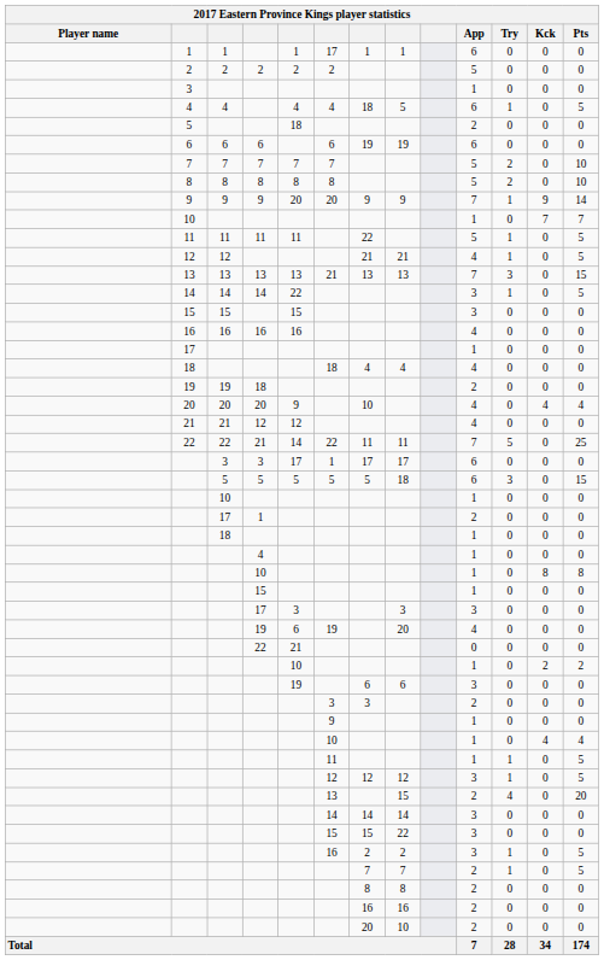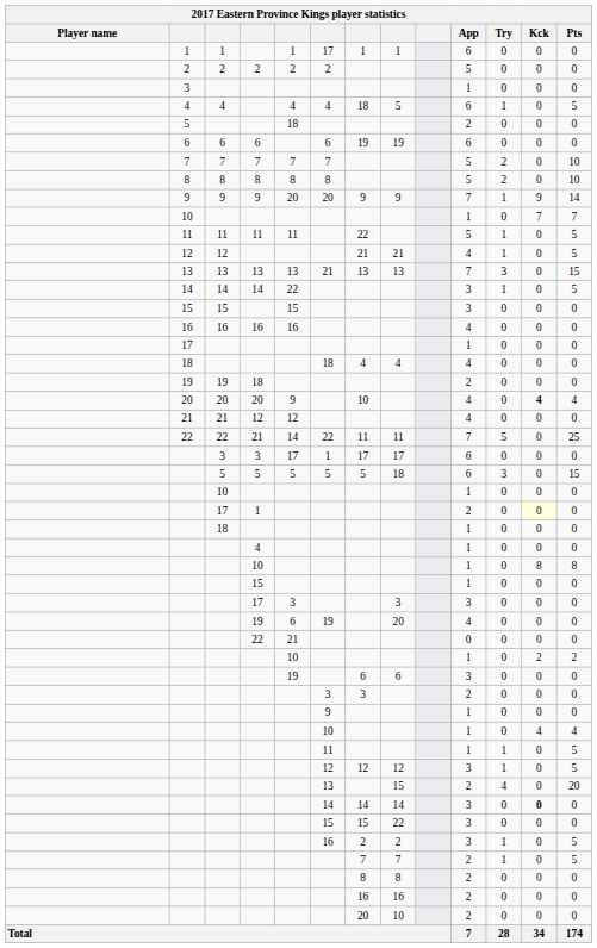 <table class="wikitable sortable" style="text-align:center; font-size:90%; width:60%;">
 <tr>
 <th colspan="100%">2017 Eastern Province Kings player statistics</th>
 </tr>
 <tr>
 <th style="width:28%;">Player name</th>
 <th style="width:6%;"></th>
 <th style="width:6%;"></th>
 <th style="width:6%;"></th>
 <th style="width:6%;"></th>
 <th style="width:6%;"></th>
 <th style="width:6%;"></th>
 <th style="width:6%;"></th>
 <th style="width:6%;"></th>
 <th style="width:6%;">App</th>
 <th style="width:6%;">Try</th>
 <th style="width:6%;">Kck</th>
 <th style="width:6%;">Pts</th>
 </tr>
 <tr>
 <td style="text-align:left;"></td>
 <td>1</td>
 <td>1</td>
 <td></td>
 <td>1</td>
 <td>17 </td>
 <td>1</td>
 <td>1</td>
 <td style="background:#EBECF0;"></td>
 <td>6</td>
 <td>0</td>
 <td>0</td>
 <td>0</td>
 </tr>
 <tr>
 <td style="text-align:left;"></td>
 <td>2</td>
 <td>2</td>
 <td>2</td>
 <td>2</td>
 <td>2</td>
 <td></td>
 <td></td>
 <td style="background:#EBECF0;"></td>
 <td>5</td>
 <td>0</td>
 <td>0</td>
 <td>0</td>
 </tr>
 <tr>
 <td style="text-align:left;"></td>
 <td>3</td>
 <td></td>
 <td></td>
 <td></td>
 <td></td>
 <td></td>
 <td></td>
 <td style="background:#EBECF0;"></td>
 <td>1</td>
 <td>0</td>
 <td>0</td>
 <td>0</td>
 </tr>
 <tr>
 <td style="text-align:left;"></td>
 <td>4</td>
 <td>4</td>
 <td></td>
 <td>4</td>
 <td>4</td>
 <td>18 </td>
 <td>5</td>
 <td style="background:#EBECF0;"></td>
 <td>6</td>
 <td>1</td>
 <td>0</td>
 <td>5</td>
 </tr>
 <tr>
 <td style="text-align:left;"></td>
 <td>5</td>
 <td></td>
 <td></td>
 <td>18 </td>
 <td></td>
 <td></td>
 <td></td>
 <td style="background:#EBECF0;"></td>
 <td>2</td>
 <td>0</td>
 <td>0</td>
 <td>0</td>
 </tr>
 <tr>
 <td style="text-align:left;"></td>
 <td>6</td>
 <td>6</td>
 <td>6</td>
 <td></td>
 <td>6</td>
 <td>19 </td>
 <td>19 </td>
 <td style="background:#EBECF0;"></td>
 <td>6</td>
 <td>0</td>
 <td>0</td>
 <td>0</td>
 </tr>
 <tr>
 <td style="text-align:left;"></td>
 <td>7</td>
 <td>7</td>
 <td>7</td>
 <td>7</td>
 <td>7</td>
 <td></td>
 <td></td>
 <td style="background:#EBECF0;"></td>
 <td>5</td>
 <td>2</td>
 <td>0</td>
 <td>10</td>
 </tr>
 <tr>
 <td style="text-align:left;"></td>
 <td>8</td>
 <td>8</td>
 <td>8</td>
 <td>8</td>
 <td>8</td>
 <td></td>
 <td></td>
 <td style="background:#EBECF0;"></td>
 <td>5</td>
 <td>2</td>
 <td>0</td>
 <td>10</td>
 </tr>
 <tr>
 <td style="text-align:left;"></td>
 <td>9</td>
 <td>9</td>
 <td>9</td>
 <td>20 </td>
 <td>20 </td>
 <td>9</td>
 <td>9</td>
 <td style="background:#EBECF0;"></td>
 <td>7</td>
 <td>1</td>
 <td>9</td>
 <td>14</td>
 </tr>
 <tr>
 <td style="text-align:left;"></td>
 <td>10</td>
 <td></td>
 <td></td>
 <td></td>
 <td></td>
 <td></td>
 <td></td>
 <td style="background:#EBECF0;"></td>
 <td>1</td>
 <td>0</td>
 <td>7</td>
 <td>7</td>
 </tr>
 <tr>
 <td style="text-align:left;"></td>
 <td>11</td>
 <td>11</td>
 <td>11</td>
 <td>11</td>
 <td></td>
 <td>22 </td>
 <td></td>
 <td style="background:#EBECF0;"></td>
 <td>5</td>
 <td>1</td>
 <td>0</td>
 <td>5</td>
 </tr>
 <tr>
 <td style="text-align:left;"></td>
 <td>12</td>
 <td>12</td>
 <td></td>
 <td></td>
 <td></td>
 <td>21 </td>
 <td>21 </td>
 <td style="background:#EBECF0;"></td>
 <td>4</td>
 <td>1</td>
 <td>0</td>
 <td>5</td>
 </tr>
 <tr>
 <td style="text-align:left;"></td>
 <td>13</td>
 <td>13</td>
 <td>13</td>
 <td>13</td>
 <td>21 </td>
 <td>13</td>
 <td>13</td>
 <td style="background:#EBECF0;"></td>
 <td>7</td>
 <td>3</td>
 <td>0</td>
 <td>15</td>
 </tr>
 <tr>
 <td style="text-align:left;"></td>
 <td>14</td>
 <td>14</td>
 <td>14</td>
 <td>22</td>
 <td></td>
 <td></td>
 <td></td>
 <td style="background:#EBECF0;"></td>
 <td>3</td>
 <td>1</td>
 <td>0</td>
 <td>5</td>
 </tr>
 <tr>
 <td style="text-align:left;"></td>
 <td>15</td>
 <td>15</td>
 <td></td>
 <td>15</td>
 <td></td>
 <td></td>
 <td></td>
 <td style="background:#EBECF0;"></td>
 <td>3</td>
 <td>0</td>
 <td>0</td>
 <td>0</td>
 </tr>
 <tr>
 <td style="text-align:left;"></td>
 <td>16 </td>
 <td>16 </td>
 <td>16 </td>
 <td>16 </td>
 <td></td>
 <td></td>
 <td></td>
 <td style="background:#EBECF0;"></td>
 <td>4</td>
 <td>0</td>
 <td>0</td>
 <td>0</td>
 </tr>
 <tr>
 <td style="text-align:left;"></td>
 <td>17 </td>
 <td></td>
 <td></td>
 <td></td>
 <td></td>
 <td></td>
 <td></td>
 <td style="background:#EBECF0;"></td>
 <td>1</td>
 <td>0</td>
 <td>0</td>
 <td>0</td>
 </tr>
 <tr>
 <td style="text-align:left;"></td>
 <td>18 </td>
 <td></td>
 <td></td>
 <td></td>
 <td>18 </td>
 <td>4</td>
 <td>4</td>
 <td style="background:#EBECF0;"></td>
 <td>4</td>
 <td>0</td>
 <td>0</td>
 <td>0</td>
 </tr>
 <tr>
 <td style="text-align:left;"></td>
 <td>19 </td>
 <td>19 </td>
 <td>18</td>
 <td></td>
 <td></td>
 <td></td>
 <td></td>
 <td style="background:#EBECF0;"></td>
 <td>2</td>
 <td>0</td>
 <td>0</td>
 <td>0</td>
 </tr>
 <tr>
 <td style="text-align:left;"></td>
 <td>20</td>
 <td>20 </td>
 <td>20 </td>
 <td>9</td>
 <td></td>
 <td>10</td>
 <td></td>
 <td style="background:#EBECF0;"></td>
 <td>4</td>
 <td>0</td>
-<td>4</td>
+<td><strong>4</strong></td>
 <td>4</td>
 </tr>
 <tr>
 <td style="text-align:left;"></td>
 <td>21 </td>
 <td>21 </td>
 <td>12</td>
 <td>12</td>
 <td></td>
 <td></td>
 <td></td>
 <td style="background:#EBECF0;"></td>
 <td>4</td>
 <td>0</td>
 <td>0</td>
 <td>0</td>
 </tr>
 <tr>
 <td style="text-align:left;"></td>
 <td>22 </td>
 <td>22 </td>
 <td>21 </td>
 <td>14</td>
 <td>22 </td>
 <td>11</td>
 <td>11</td>
 <td style="background:#EBECF0;"></td>
 <td>7</td>
 <td>5</td>
 <td>0</td>
 <td>25</td>
 </tr>
 <tr>
 <td style="text-align:left;"></td>
 <td></td>
 <td>3</td>
 <td>3</td>
 <td>17 </td>
 <td>1</td>
 <td>17 </td>
 <td>17 </td>
 <td style="background:#EBECF0;"></td>
 <td>6</td>
 <td>0</td>
 <td>0</td>
 <td>0</td>
 </tr>
 <tr>
 <td style="text-align:left;"></td>
 <td></td>
 <td>5</td>
 <td>5</td>
 <td>5</td>
 <td>5</td>
 <td>5</td>
 <td>18 </td>
 <td style="background:#EBECF0;"></td>
 <td>6</td>
 <td>3</td>
 <td>0</td>
 <td>15</td>
 </tr>
 <tr>
 <td style="text-align:left;"></td>
 <td></td>
 <td>10</td>
 <td></td>
 <td></td>
 <td></td>
 <td></td>
 <td></td>
 <td style="background:#EBECF0;"></td>
 <td>1</td>
 <td>0</td>
 <td>0</td>
 <td>0</td>
 </tr>
 <tr>
 <td style="text-align:left;"></td>
 <td></td>
 <td>17 </td>
 <td>1</td>
 <td></td>
 <td></td>
 <td></td>
 <td></td>
 <td style="background:#EBECF0;"></td>
 <td>2</td>
 <td>0</td>
-<td>0</td>
+<td style="background: lightyellow;">0</td>
 <td>0</td>
 </tr>
 <tr>
 <td style="text-align:left;"></td>
 <td></td>
 <td>18 </td>
 <td></td>
 <td></td>
 <td></td>
 <td></td>
 <td></td>
 <td style="background:#EBECF0;"></td>
 <td>1</td>
 <td>0</td>
 <td>0</td>
 <td>0</td>
 </tr>
 <tr>
 <td style="text-align:left;"></td>
 <td></td>
 <td></td>
 <td>4</td>
 <td></td>
 <td></td>
 <td></td>
 <td></td>
 <td style="background:#EBECF0;"></td>
 <td>1</td>
 <td>0</td>
 <td>0</td>
 <td>0</td>
 </tr>
 <tr>
 <td style="text-align:left;"></td>
 <td></td>
 <td></td>
 <td>10</td>
 <td></td>
 <td></td>
 <td></td>
 <td></td>
 <td style="background:#EBECF0;"></td>
 <td>1</td>
 <td>0</td>
 <td>8</td>
 <td>8</td>
 </tr>
 <tr>
 <td style="text-align:left;"></td>
 <td></td>
 <td></td>
 <td>15</td>
 <td></td>
 <td></td>
 <td></td>
 <td></td>
 <td style="background:#EBECF0;"></td>
 <td>1</td>
 <td>0</td>
 <td>0</td>
 <td>0</td>
 </tr>
 <tr>
 <td style="text-align:left;"></td>
 <td></td>
 <td></td>
 <td>17 </td>
 <td>3</td>
 <td></td>
 <td></td>
 <td>3</td>
 <td style="background:#EBECF0;"></td>
 <td>3</td>
 <td>0</td>
 <td>0</td>
 <td>0</td>
 </tr>
 <tr>
 <td style="text-align:left;"></td>
 <td></td>
 <td></td>
 <td>19 </td>
 <td>6</td>
 <td>19 </td>
 <td></td>
 <td>20 </td>
 <td style="background:#EBECF0;"></td>
 <td>4</td>
 <td>0</td>
 <td>0</td>
 <td>0</td>
 </tr>
 <tr>
 <td style="text-align:left;"></td>
 <td></td>
 <td></td>
 <td>22</td>
 <td>21</td>
 <td></td>
 <td></td>
 <td></td>
 <td style="background:#EBECF0;"></td>
 <td>0</td>
 <td>0</td>
 <td>0</td>
 <td>0</td>
 </tr>
 <tr>
 <td style="text-align:left;"></td>
 <td></td>
 <td></td>
 <td></td>
 <td>10</td>
 <td></td>
 <td></td>
 <td></td>
 <td style="background:#EBECF0;"></td>
 <td>1</td>
 <td>0</td>
 <td>2</td>
 <td>2</td>
 </tr>
 <tr>
 <td style="text-align:left;"></td>
 <td></td>
 <td></td>
 <td></td>
 <td>19 </td>
 <td></td>
 <td>6</td>
 <td>6</td>
 <td style="background:#EBECF0;"></td>
 <td>3</td>
 <td>0</td>
 <td>0</td>
 <td>0</td>
 </tr>
 <tr>
 <td style="text-align:left;"></td>
 <td></td>
 <td></td>
 <td></td>
 <td></td>
 <td>3</td>
 <td>3</td>
 <td></td>
 <td style="background:#EBECF0;"></td>
 <td>2</td>
 <td>0</td>
 <td>0</td>
 <td>0</td>
 </tr>
 <tr>
 <td style="text-align:left;"></td>
 <td></td>
 <td></td>
 <td></td>
 <td></td>
 <td>9</td>
 <td></td>
 <td></td>
 <td style="background:#EBECF0;"></td>
 <td>1</td>
 <td>0</td>
 <td>0</td>
 <td>0</td>
 </tr>
 <tr>
 <td style="text-align:left;"></td>
 <td></td>
 <td></td>
 <td></td>
 <td></td>
 <td>10</td>
 <td></td>
 <td></td>
 <td style="background:#EBECF0;"></td>
 <td>1</td>
 <td>0</td>
 <td>4</td>
 <td>4</td>
 </tr>
 <tr>
 <td style="text-align:left;"></td>
 <td></td>
 <td></td>
 <td></td>
 <td></td>
 <td>11</td>
 <td></td>
 <td></td>
 <td style="background:#EBECF0;"></td>
 <td>1</td>
 <td>1</td>
 <td>0</td>
 <td>5</td>
 </tr>
 <tr>
 <td style="text-align:left;"></td>
 <td></td>
 <td></td>
 <td></td>
 <td></td>
 <td>12</td>
 <td>12</td>
 <td>12</td>
 <td style="background:#EBECF0;"></td>
 <td>3</td>
 <td>1</td>
 <td>0</td>
 <td>5</td>
 </tr>
 <tr>
 <td style="text-align:left;"></td>
 <td></td>
 <td></td>
 <td></td>
 <td></td>
 <td>13</td>
 <td></td>
 <td>15</td>
 <td style="background:#EBECF0;"></td>
 <td>2</td>
 <td>4</td>
 <td>0</td>
 <td>20</td>
 </tr>
 <tr>
 <td style="text-align:left;"></td>
 <td></td>
 <td></td>
 <td></td>
 <td></td>
 <td>14</td>
 <td>14</td>
 <td>14</td>
 <td style="background:#EBECF0;"></td>
 <td>3</td>
 <td>0</td>
-<td>0</td>
+<td><strong>0</strong></td>
 <td>0</td>
 </tr>
 <tr>
 <td style="text-align:left;"></td>
 <td></td>
 <td></td>
 <td></td>
 <td></td>
 <td>15</td>
 <td>15</td>
 <td>22 </td>
 <td style="background:#EBECF0;"></td>
 <td>3</td>
 <td>0</td>
 <td>0</td>
 <td>0</td>
 </tr>
 <tr>
 <td style="text-align:left;"></td>
 <td></td>
 <td></td>
 <td></td>
 <td></td>
 <td>16 </td>
 <td>2</td>
 <td>2</td>
 <td style="background:#EBECF0;"></td>
 <td>3</td>
 <td>1</td>
 <td>0</td>
 <td>5</td>
 </tr>
 <tr>
 <td style="text-align:left;"></td>
 <td></td>
 <td></td>
 <td></td>
 <td></td>
 <td></td>
 <td>7</td>
 <td>7</td>
 <td style="background:#EBECF0;"></td>
 <td>2</td>
 <td>1</td>
 <td>0</td>
 <td>5</td>
 </tr>
 <tr>
 <td style="text-align:left;"></td>
 <td></td>
 <td></td>
 <td></td>
 <td></td>
 <td></td>
 <td>8</td>
 <td>8</td>
 <td style="background:#EBECF0;"></td>
 <td>2</td>
 <td>0</td>
 <td>0</td>
 <td>0</td>
 </tr>
 <tr>
 <td style="text-align:left;"></td>
 <td></td>
 <td></td>
 <td></td>
 <td></td>
 <td></td>
 <td>16 </td>
 <td>16 </td>
 <td style="background:#EBECF0;"></td>
 <td>2</td>
 <td>0</td>
 <td>0</td>
 <td>0</td>
 </tr>
 <tr>
 <td style="text-align:left;"></td>
 <td></td>
 <td></td>
 <td></td>
 <td></td>
 <td></td>
 <td>20 </td>
 <td>10</td>
 <td style="background:#EBECF0;"></td>
 <td>2</td>
 <td>0</td>
 <td>0</td>
 <td>0</td>
 </tr>
 <tr>
 <th colspan="9" style="text-align:left;">Total</th>
 <th>7</th>
 <th>28</th>
 <th>34</th>
 <th>174</th>
 </tr>
 </table>
